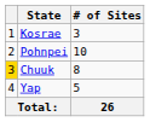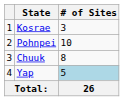 <table class="wikitable sortable">
 <tr>
 <th></th>
 <th><strong>State</strong></th>
 <th><strong># of Sites</strong></th>
 </tr>
 <tr ->
 <td>1</td>
 <td><a href='#'>Kosrae</a></td>
 <td>3</td>
 </tr>
 <tr ->
 <td>2</td>
 <td><a href='#'>Pohnpei</a></td>
 <td>10</td>
 </tr>
 <tr ->
-<td style="background: gold;">3</td>
+<td>3</td>
 <td><a href='#'>Chuuk</a></td>
 <td>8</td>
 </tr>
 <tr ->
 <td>4</td>
 <td><a href='#'>Yap</a></td>
-<td>5</td>
+<td style="background: lightblue;">5</td>
 </tr>
 <tr class="sortbottom">
 <th colspan="2">Total:</th>
 <th>26</th>
 </tr>
 </table>
